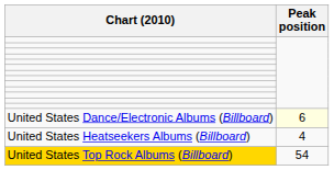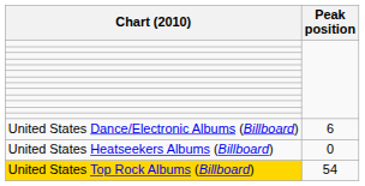 <table class="wikitable sortable">
 <tr>
 <th>Chart (2010)</th>
 <th>Peak<br>position</th>
 </tr>
 <tr>
 <td></td>
 </tr>
 <tr>
 <td></td>
 </tr>
 <tr>
 <td></td>
 </tr>
 <tr>
 <td></td>
 </tr>
 <tr>
 <td></td>
 </tr>
 <tr>
 <td></td>
 </tr>
 <tr>
 <td></td>
 </tr>
 <tr>
 <td></td>
 </tr>
 <tr>
 <td></td>
 </tr>
 <tr>
 <td></td>
 </tr>
 <tr>
 <td></td>
 </tr>
 <tr>
 <td></td>
 </tr>
 <tr>
 <td></td>
 </tr>
 <tr>
 <td>United States <a href='#'>Dance/Electronic Albums</a> (<em><a href='#'>Billboard</a></em>)</td>
-<td align=center style="background: lightyellow;">6</td>
+<td align=center>6</td>
 </tr>
 <tr>
 <td>United States <a href='#'>Heatseekers Albums</a> (<em><a href='#'>Billboard</a></em>)</td>
-<td align=center>4</td>
+<td align=center>0</td>
 </tr>
 <tr>
 <td style="background: gold;">United States <a href='#'>Top Rock Albums</a> (<em><a href='#'>Billboard</a></em>)</td>
 <td align=center>54</td>
 </tr>
 </table>
